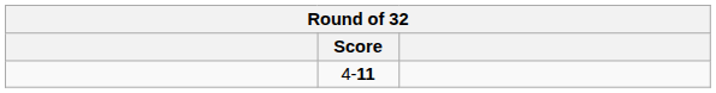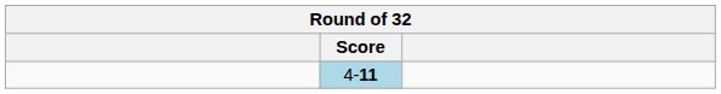 <table class="wikitable" style="text-align: center; font-size:90% ">
 <tr>
 <th colspan=3>Round of 32</th>
 </tr>
 <tr>
 <th align="right" width="250"></th>
 <th width="60">Score</th>
 <th align="left" width="250"></th>
 </tr>
 <tr>
 <td align=left></td>
-<td align=center>4-<strong>11</strong></td>
+<td align=center style="background: lightblue;">4-<strong>11</strong></td>
 <td align=left><strong></strong></td>
 </tr>
 </table>
